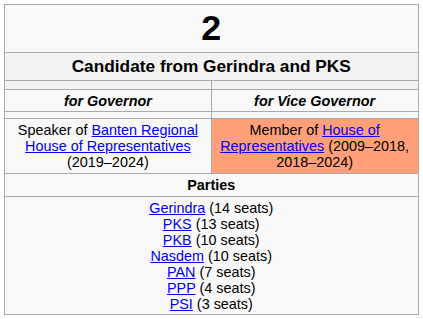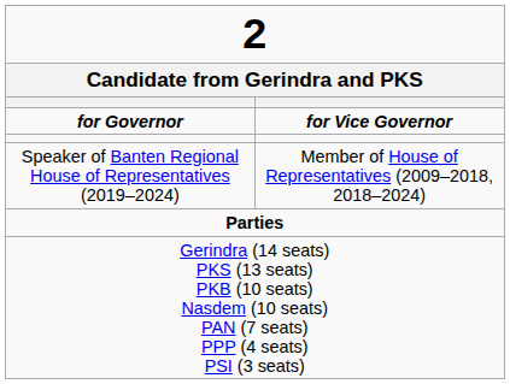 <table class="wikitable" style="font-size:90%; text-align:center;">
 <tr>
 <td colspan=2><big><big><big><big><big><strong>2</strong></big></big></big></big></big></td>
 </tr>
 <tr>
 <th colspan=2><big>Candidate from Gerindra and PKS</big></th>
 </tr>
 <tr>
 <th style="width:3em; font-size:135%; background:#"><a href='#'></a></th>
 <th style="width:3em; font-size:135%; background:#"><a href='#'></a></th>
 </tr>
 <tr style="color:#000; font-size:100%; background:#">
 <td style="width:3em; width:200px;"><strong><em>for Governor</em></strong></td>
 <td style="width:3em; width:200px;"><strong><em>for Vice Governor</em></strong></td>
 </tr>
 <tr>
 <td></td>
 <td></td>
 </tr>
 <tr>
 <td>Speaker of <a href='#'>Banten Regional House of Representatives</a> (2019–2024)</td>
-<td style="background: lightsalmon;">Member of <a href='#'>House of Representatives</a> (2009–2018, 2018–2024)</td>
+<td>Member of <a href='#'>House of Representatives</a> (2009–2018, 2018–2024)</td>
 </tr>
 <tr>
 <td colspan=2><strong>Parties</strong></td>
 </tr>
 <tr>
 <td colspan=2> <a href='#'>Gerindra</a> (14 seats)<br><a href='#'>PKS</a> (13 seats)<br><a href='#'>PKB</a> (10 seats)<br><a href='#'>Nasdem</a> (10 seats)<br><a href='#'>PAN</a> (7 seats)<br><a href='#'>PPP</a> (4 seats)<br><a href='#'>PSI</a> (3 seats)</td>
 </tr>
 </table>
